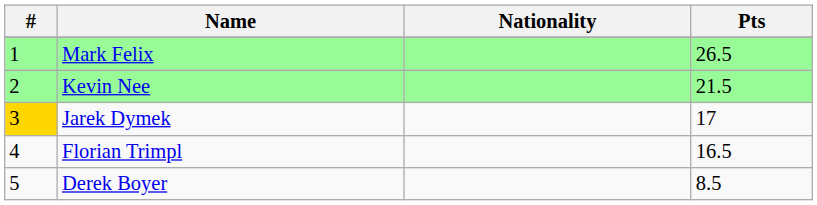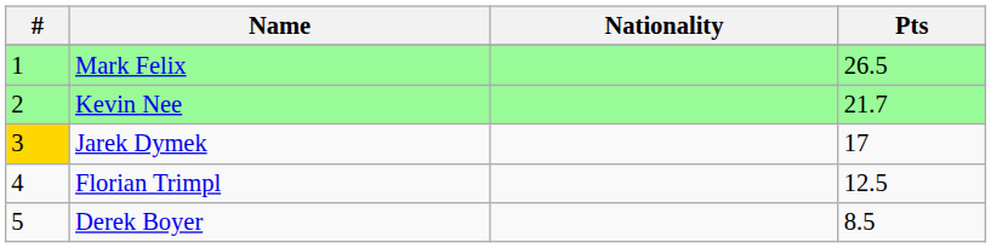 <table class="wikitable" style="display: inline-table; width: 50%;">
 <tr>
 <th>#</th>
 <th>Name</th>
 <th>Nationality</th>
 <th>Pts</th>
 </tr>
 <tr>
 </tr>
 <tr style="background:palegreen">
 <td>1</td>
 <td><a href='#'>Mark Felix</a></td>
 <td></td>
 <td>26.5</td>
 </tr>
 <tr>
 </tr>
 <tr style="background:palegreen">
 <td>2</td>
 <td><a href='#'>Kevin Nee</a></td>
 <td></td>
-<td>21.5</td>
+<td>21.7</td>
 </tr>
 <tr>
 <td style="background: gold;">3</td>
 <td><a href='#'>Jarek Dymek</a></td>
 <td></td>
 <td>17</td>
 </tr>
 <tr>
 <td>4</td>
 <td><a href='#'>Florian Trimpl</a></td>
 <td></td>
-<td>16.5</td>
+<td>12.5</td>
 </tr>
 <tr>
 <td>5</td>
 <td><a href='#'>Derek Boyer</a></td>
 <td></td>
 <td>8.5</td>
 </tr>
 </table>
